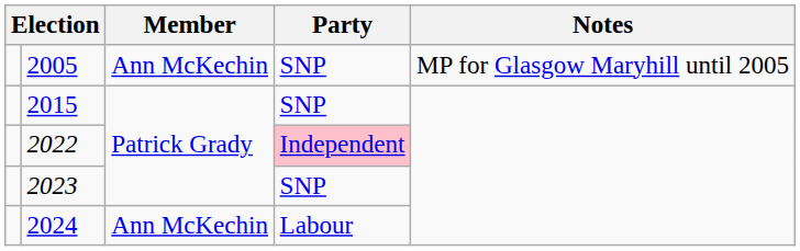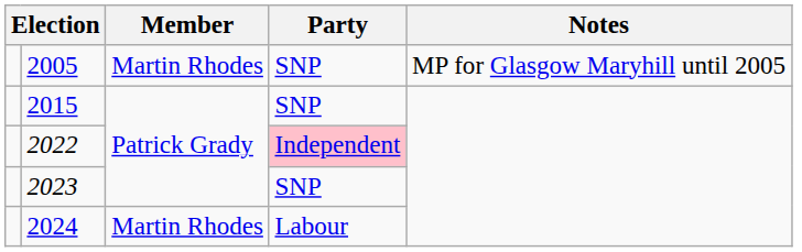 <table class="wikitable">
 <tr>
 <th colspan="2">Election</th>
 <th>Member</th>
 <th>Party</th>
 <th>Notes</th>
 </tr>
 <tr>
 <td style="color:inherit;background-color: "></td>
 <td><a href='#'>2005</a></td>
-<td><a href='#'>Ann McKechin</a></td>
+<td><a href='#'>Martin Rhodes</a></td>
 <td><a href='#'>SNP</a></td>
 <td>MP for <a href='#'>Glasgow Maryhill</a> until 2005</td>
 </tr>
 <tr>
 <td style="color:inherit;background-color: "></td>
 <td><a href='#'>2015</a></td>
 <td rowspan=3><a href='#'>Patrick Grady</a></td>
 <td><a href='#'>SNP</a></td>
 </tr>
 <tr>
 <td style="color:inherit;background-color: "></td>
 <td><em>2022</em></td>
 <td style="background: pink;"><a href='#'>Independent</a></td>
 </tr>
 <tr>
 <td style="color:inherit;background-color: "></td>
 <td><em>2023</em></td>
 <td><a href='#'>SNP</a></td>
 </tr>
 <tr>
 <td style="color:inherit;background-color: "></td>
 <td><a href='#'>2024</a></td>
-<td><a href='#'>Ann McKechin</a></td>
+<td><a href='#'>Martin Rhodes</a></td>
 <td><a href='#'>Labour</a></td>
 </tr>
 </table>
